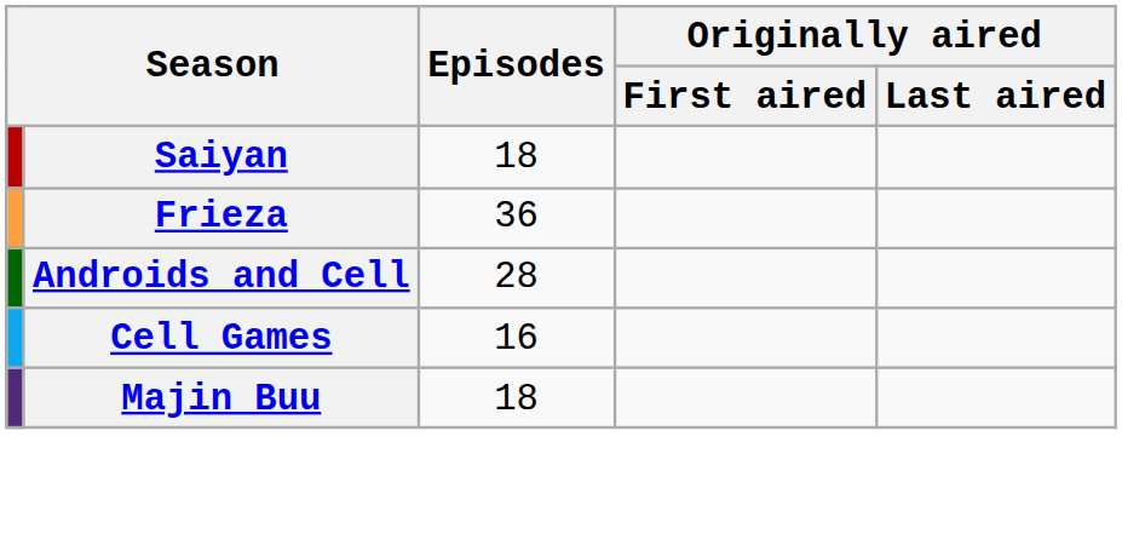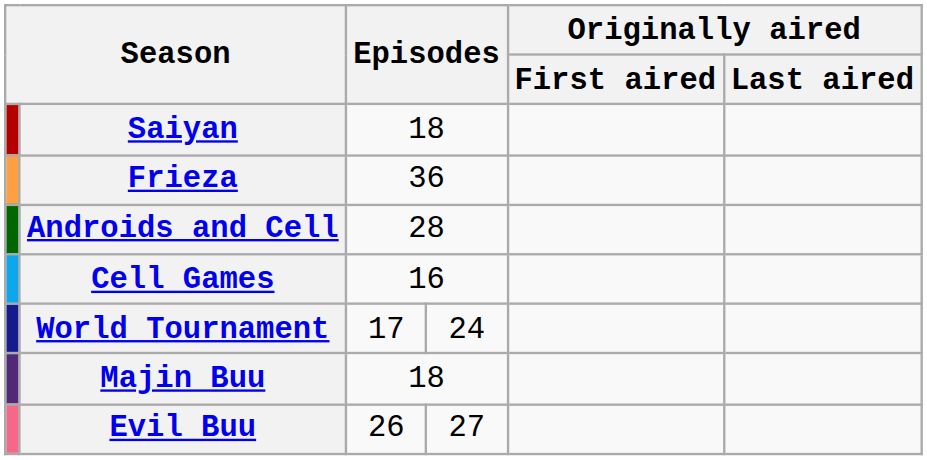 <table class="wikitable plainrowheaders" style="text-align: center">
 <tr>
 <th colspan="2" rowspan="2">Season</th>
 <th colspan="2" rowspan="2">Episodes</th>
 <th colspan="2">Originally aired</th>
 </tr>
 <tr>
 <th>First aired</th>
 <th>Last aired</th>
 </tr>
 <tr>
 <td style="background:#B60000"></td>
 <th scope="row" style=text-align:center><a href='#'>Saiyan</a></th>
 <td colspan="2">18</td>
 <td></td>
 <td></td>
 </tr>
 <tr>
 <td style="background:#FFA040"></td>
 <th scope="row" style=text-align:center><a href='#'>Frieza</a></th>
 <td colspan="2">36</td>
 <td></td>
 <td></td>
 </tr>
 <tr>
 <td style="background:#006600"></td>
 <th scope="row" style=text-align:center><a href='#'>Androids and Cell</a></th>
 <td colspan="2">28</td>
 <td></td>
 <td></td>
 </tr>
 <tr>
 <td style="background:#0CA7ED"></td>
 <th scope="row" style=text-align:center><a href='#'>Cell Games</a></th>
 <td colspan="2">16</td>
 <td></td>
 <td></td>
 </tr>
 <tr>
+<td style="background:#151B8D"></td>
+<th scope="row" style=text-align:center><a href='#'>World Tournament</a></th>
+<td>17 </td>
+<td>24 </td>
+<td></td>
+<td></td>
+</tr>
+<tr>
 <td style="background:#512976"></td>
 <th scope="row" style=text-align:center><a href='#'>Majin Buu</a></th>
 <td colspan="2">18</td>
 <td></td>
 <td></td>
 </tr>
+<tr>
+<td style="background:#F66788"></td>
+<th scope="row" style=text-align:center><a href='#'>Evil Buu</a></th>
+<td>26 </td>
+<td>27 </td>
+<td></td>
+<td></td>
+</tr>
 </table>
